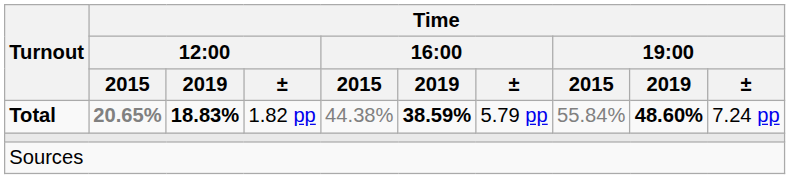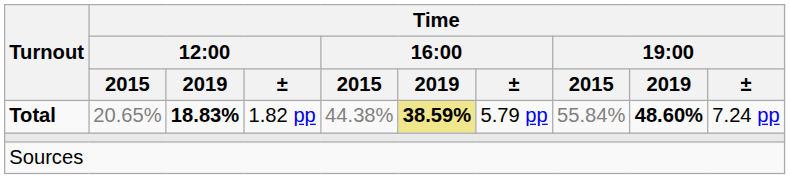 <table class="wikitable sortable" style="text-align:right;">
 <tr>
 <th rowspan="3">Turnout</th>
 <th colspan="9">Time</th>
 </tr>
 <tr>
 <th colspan="3">12:00</th>
 <th colspan="3">16:00</th>
 <th colspan="3">19:00</th>
 </tr>
 <tr>
 <th>2015</th>
 <th>2019</th>
 <th>±</th>
 <th>2015</th>
 <th>2019</th>
 <th>±</th>
 <th>2015</th>
 <th>2019</th>
 <th>±</th>
 </tr>
 <tr>
 <td align="left"><strong>Total</strong></td>
-<td style="color:gray;"><strong>20.65%</strong></td>
+<td style="color:gray;">20.65%</td>
 <td><strong>18.83%</strong></td>
 <td> 1.82 <a href='#'>pp</a></td>
 <td style="color:gray;">44.38%</td>
-<td><strong>38.59%</strong></td>
+<td style="background: khaki;"><strong>38.59%</strong></td>
 <td> 5.79 <a href='#'>pp</a></td>
 <td style="color:gray;">55.84%</td>
 <td><strong>48.60%</strong></td>
 <td> 7.24 <a href='#'>pp</a></td>
 </tr>
 <tr>
 <td colspan="10" bgcolor="#E9E9E9"></td>
 </tr>
 <tr>
 <td align="left" colspan="10">Sources</td>
 </tr>
 </table>
